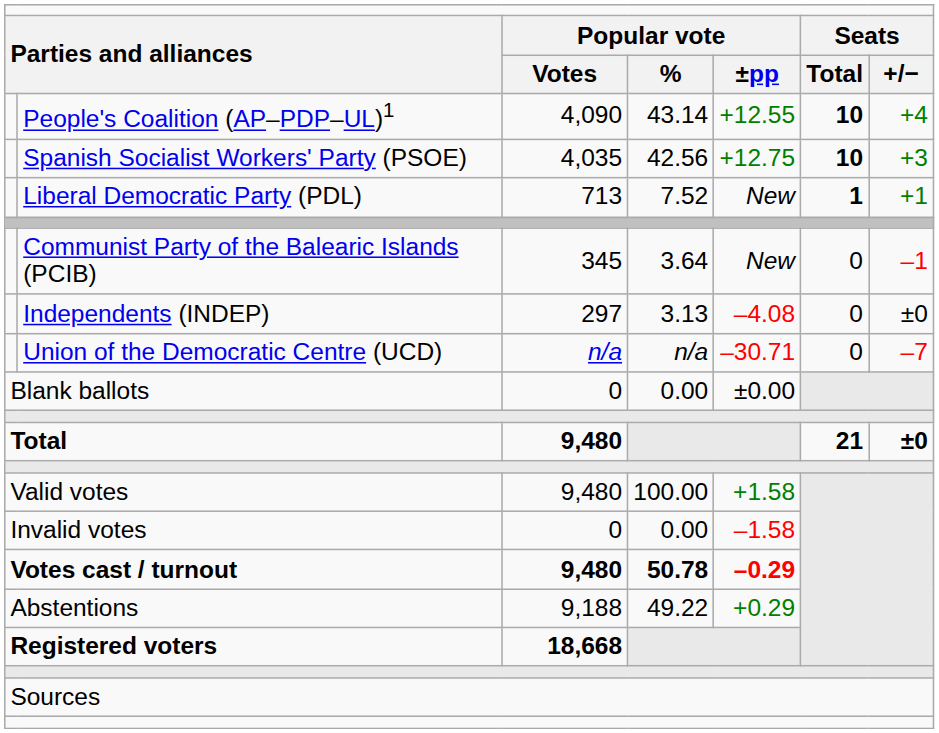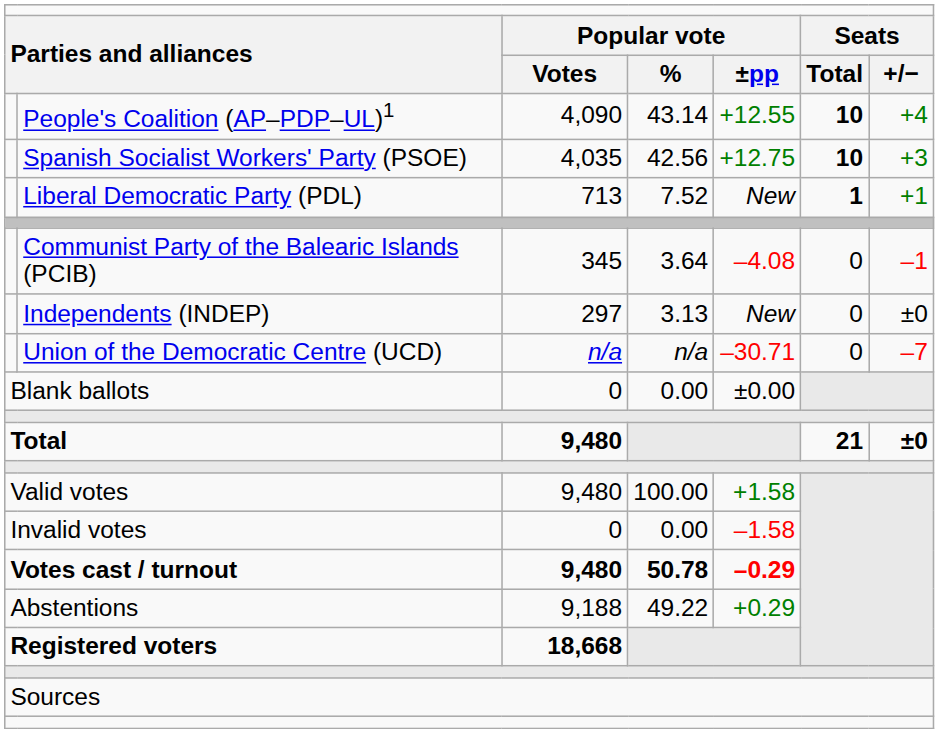 <table class="wikitable" style="text-align:right;">
 <tr>
 <td colspan="7"></td>
 </tr>
 <tr>
 <th style="text-align:left;" rowspan="2" colspan="2" width="525">Parties and alliances</th>
 <th colspan="3">Popular vote</th>
 <th colspan="2">Seats</th>
 </tr>
 <tr>
 <th width="75">Votes</th>
 <th width="45">%</th>
 <th width="45">±<a href='#'>pp</a></th>
 <th width="35">Total</th>
 <th width="35">+/−</th>
 </tr>
 <tr>
 <td width="1" style="color:inherit;background:"></td>
 <td align="left"><a href='#'>People's Coalition</a> (<a href='#'>AP</a>–<a href='#'>PDP</a>–<a href='#'>UL</a>)<sup>1</sup></td>
 <td>4,090</td>
 <td>43.14</td>
 <td style="color:green;">+12.55</td>
 <td><strong>10</strong></td>
 <td style="color:green;">+4</td>
 </tr>
 <tr>
 <td style="color:inherit;background:"></td>
 <td align="left"><a href='#'>Spanish Socialist Workers' Party</a> (PSOE)</td>
 <td>4,035</td>
 <td>42.56</td>
 <td style="color:green;">+12.75</td>
 <td><strong>10</strong></td>
 <td style="color:green;">+3</td>
 </tr>
 <tr>
 <td style="color:inherit;background:"></td>
 <td align="left"><a href='#'>Liberal Democratic Party</a> (PDL)</td>
 <td>713</td>
 <td>7.52</td>
 <td><em>New</em></td>
 <td><strong>1</strong></td>
 <td style="color:green;">+1</td>
 </tr>
 <tr>
 <td colspan="7" bgcolor="#C0C0C0"></td>
 </tr>
 <tr>
 <td style="color:inherit;background:"></td>
 <td align="left"><a href='#'>Communist Party of the Balearic Islands</a> (PCIB)</td>
 <td>345</td>
 <td>3.64</td>
-<td><em>New</em></td>
+<td style="color:red;">–4.08</td>
 <td>0</td>
 <td style="color:red;">–1</td>
 </tr>
 <tr>
 <td style="color:inherit;background:"></td>
 <td align="left"><a href='#'>Independents</a> (INDEP)</td>
 <td>297</td>
 <td>3.13</td>
-<td style="color:red;">–4.08</td>
+<td><em>New</em></td>
 <td>0</td>
 <td>±0</td>
 </tr>
 <tr>
 <td style="color:inherit;background:"></td>
 <td align="left"><a href='#'>Union of the Democratic Centre</a> (UCD)</td>
 <td><em><a href='#'>n/a</a></em></td>
 <td><em>n/a</em></td>
 <td style="color:red;">–30.71</td>
 <td>0</td>
 <td style="color:red;">–7</td>
 </tr>
 <tr>
 <td align="left" colspan="2">Blank ballots</td>
 <td>0</td>
 <td>0.00</td>
 <td>±0.00</td>
 <td bgcolor="#E9E9E9" colspan="2"></td>
 </tr>
 <tr>
 <td colspan="7" bgcolor="#E9E9E9"></td>
 </tr>
 <tr style="font-weight:bold;">
 <td align="left" colspan="2">Total</td>
 <td>9,480</td>
 <td bgcolor="#E9E9E9" colspan="2"></td>
 <td>21</td>
 <td>±0</td>
 </tr>
 <tr>
 <td colspan="7" bgcolor="#E9E9E9"></td>
 </tr>
 <tr>
 <td align="left" colspan="2">Valid votes</td>
 <td>9,480</td>
 <td>100.00</td>
 <td style="color:green;">+1.58</td>
 <td bgcolor="#E9E9E9" colspan="2" rowspan="5"></td>
 </tr>
 <tr>
 <td align="left" colspan="2">Invalid votes</td>
 <td>0</td>
 <td>0.00</td>
 <td style="color:red;">–1.58</td>
 </tr>
 <tr style="font-weight:bold;">
 <td align="left" colspan="2">Votes cast / turnout</td>
 <td>9,480</td>
 <td>50.78</td>
 <td style="color:red;">–0.29</td>
 </tr>
 <tr>
 <td align="left" colspan="2">Abstentions</td>
 <td>9,188</td>
 <td>49.22</td>
 <td style="color:green;">+0.29</td>
 </tr>
 <tr style="font-weight:bold;">
 <td align="left" colspan="2">Registered voters</td>
 <td>18,668</td>
 <td bgcolor="#E9E9E9" colspan="2"></td>
 </tr>
 <tr>
 <td colspan="7" bgcolor="#E9E9E9"></td>
 </tr>
 <tr>
 <td align="left" colspan="7">Sources</td>
 </tr>
 <tr>
 <td colspan="7" style="text-align:left; max-width:790px;"></td>
 </tr>
 </table>
